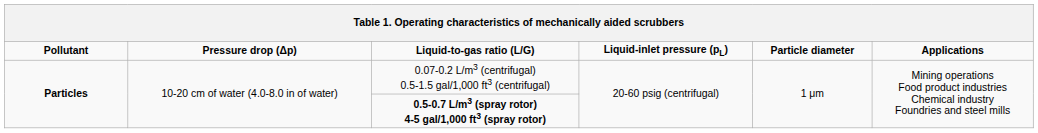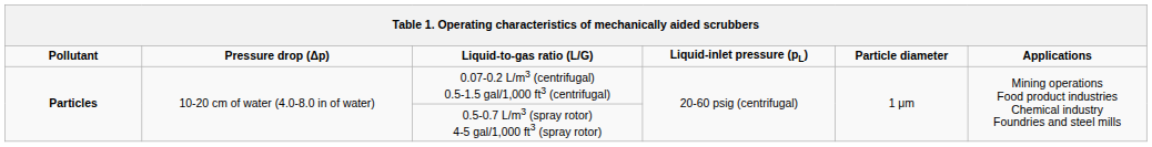 <table class="wikitable" style="width:100%; align:center; cellpadding:4">
 <tr>
 <th colspan="6" style="height:50px; align:center">Table 1. Operating characteristics of mechanically aided scrubbers</th>
 </tr>
 <tr>
 <td align="center" width="12%"><strong>Pollutant</strong></td>
 <td align="center"><strong>Pressure drop (Δp)</strong></td>
 <td align="center"><strong>Liquid-to-gas ratio (L/G)</strong></td>
 <td align="center"><strong>Liquid-inlet pressure (p<sub>L</sub>)</strong></td>
 <td align="center"><strong>Particle diameter</strong></td>
 <td align="center"><strong>Applications</strong></td>
 </tr>
 <tr>
 <td align="center" width="12%" rowspan="2"><strong>Particles</strong></td>
 <td align="center" rowspan="2">10-20 cm of water (4.0-8.0 in of water)</td>
 <td align="center">0.07-0.2 L/m<sup>3</sup> (centrifugal)<br>0.5-1.5 gal/1,000 ft<sup>3</sup> (centrifugal)</td>
 <td align="center" rowspan="2">20-60 psig (centrifugal)</td>
 <td align="center" rowspan="2">1 μm</td>
 <td align="center" rowspan="2">Mining operations<br>Food product industries<br>Chemical industry<br>Foundries and steel mills</td>
 </tr>
 <tr>
-<td align="center"><strong>0.5-0.7 L/m<sup>3</sup> (spray rotor)<br>4-5 gal/1,000 ft<sup>3</sup> (spray rotor)</strong></td>
+<td align="center">0.5-0.7 L/m<sup>3</sup> (spray rotor)<br>4-5 gal/1,000 ft<sup>3</sup> (spray rotor)</td>
 </tr>
 </table>
